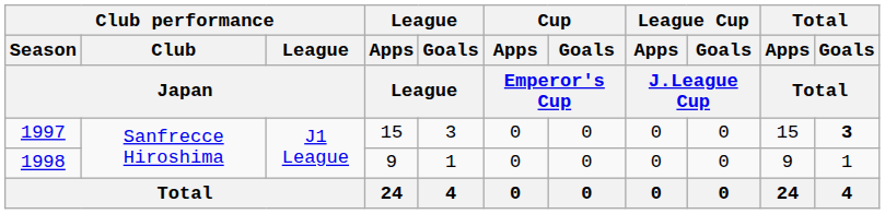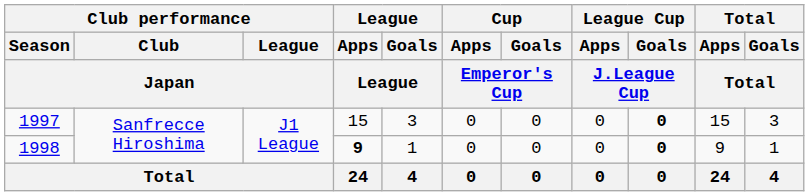 <table class="wikitable" style="text-align:center;">
 <tr>
 <th colspan=3>Club performance</th>
 <th colspan=2>League</th>
 <th colspan=2>Cup</th>
 <th colspan=2>League Cup</th>
 <th colspan=2>Total</th>
 </tr>
 <tr>
 <th>Season</th>
 <th>Club</th>
 <th>League</th>
 <th>Apps</th>
 <th>Goals</th>
 <th>Apps</th>
 <th>Goals</th>
 <th>Apps</th>
 <th>Goals</th>
 <th>Apps</th>
 <th>Goals</th>
 </tr>
 <tr>
 <th colspan=3>Japan</th>
 <th colspan=2>League</th>
 <th colspan=2><a href='#'>Emperor's Cup</a></th>
 <th colspan=2><a href='#'>J.League Cup</a></th>
 <th colspan=2>Total</th>
 </tr>
 <tr>
 <td><a href='#'>1997</a></td>
 <td rowspan="2"><a href='#'>Sanfrecce Hiroshima</a></td>
 <td rowspan="2"><a href='#'>J1 League</a></td>
 <td>15</td>
 <td>3</td>
 <td>0</td>
 <td>0</td>
 <td>0</td>
-<td>0</td>
+<td><strong>0</strong></td>
 <td>15</td>
-<td><strong>3</strong></td>
+<td>3</td>
 </tr>
 <tr>
 <td><a href='#'>1998</a></td>
-<td>9</td>
+<td><strong>9</strong></td>
 <td>1</td>
 <td>0</td>
 <td>0</td>
 <td>0</td>
-<td>0</td>
+<td><strong>0</strong></td>
 <td>9</td>
 <td>1</td>
 </tr>
 <tr>
 <th colspan=3>Total</th>
 <th>24</th>
 <th>4</th>
 <th>0</th>
 <th>0</th>
 <th>0</th>
 <th>0</th>
 <th>24</th>
 <th>4</th>
 </tr>
 </table>
